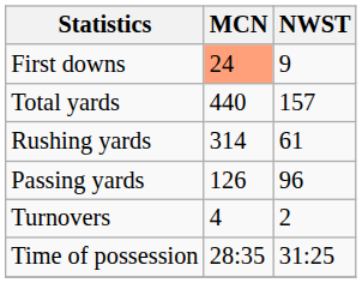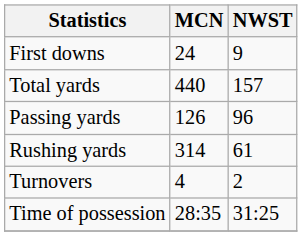 <table class="wikitable" style="float: left;">
 <tr>
 <th>Statistics</th>
 <th>MCN</th>
 <th>NWST</th>
 </tr>
 <tr>
 <td>First downs</td>
-<td style="background: lightsalmon;">24</td>
+<td>24</td>
 <td>9</td>
 </tr>
 <tr>
 <td>Total yards</td>
 <td>440</td>
 <td>157</td>
 </tr>
 <tr>
+<td>Passing yards</td>
+<td>126</td>
+<td>96</td>
+</tr>
+<tr>
 <td>Rushing yards</td>
 <td>314</td>
 <td>61</td>
-</tr>
-<tr>
-<td>Passing yards</td>
-<td>126</td>
-<td>96</td>
 </tr>
 <tr>
 <td>Turnovers</td>
 <td>4</td>
 <td>2</td>
 </tr>
 <tr>
 <td>Time of possession</td>
 <td>28:35</td>
 <td>31:25</td>
 </tr>
 <tr>
 </tr>
 </table>
